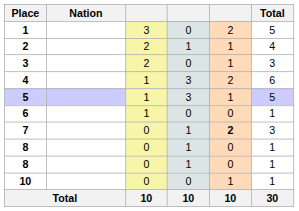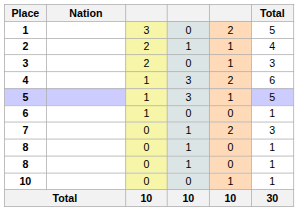 <table class=wikitable style="border:1px solid #AAAAAA;font-size:90%">
 <tr bgcolor="#EFEFEF">
 <th width=50>Place</th>
 <th width=100>Nation</th>
 <th width=50></th>
 <th width=50></th>
 <th width=50></th>
 <th width=50>Total</th>
 </tr>
 <tr align="center" valign="top" bgcolor="#FFFFFF">
 <td><strong>1</strong></td>
 <td align="left"></td>
 <td style="background:#F7F6A8;">3</td>
 <td style="background:#DCE5E5;">0</td>
 <td style="background:#FFDAB9;">2</td>
 <td>5</td>
 </tr>
 <tr align="center" valign="top" bgcolor="#FFFFFF">
 <td><strong>2</strong></td>
 <td align="left"></td>
 <td style="background:#F7F6A8;">2</td>
 <td style="background:#DCE5E5;">1</td>
 <td style="background:#FFDAB9;">1</td>
 <td>4</td>
 </tr>
 <tr align="center" valign="top" bgcolor="#FFFFFF">
 <td><strong>3</strong></td>
 <td align="left"></td>
 <td style="background:#F7F6A8;">2</td>
 <td style="background:#DCE5E5;">0</td>
 <td style="background:#FFDAB9;">1</td>
 <td>3</td>
 </tr>
 <tr align="center" valign="top" bgcolor="#FFFFFF">
 <td><strong>4</strong></td>
 <td align="left"></td>
 <td style="background:#F7F6A8;">1</td>
 <td style="background:#DCE5E5;">3</td>
 <td style="background:#FFDAB9;">2</td>
 <td>6</td>
 </tr>
 <tr align="center" valign="top" bgcolor="#CCCCFF">
 <td><strong>5</strong></td>
 <td align="left"></td>
 <td style="background:#F7F6A8;">1</td>
 <td style="background:#DCE5E5;">3</td>
 <td style="background:#FFDAB9;">1</td>
 <td>5</td>
 </tr>
 <tr align="center" valign="top" bgcolor="#FFFFFF">
 <td><strong>6</strong></td>
 <td align="left"></td>
 <td style="background:#F7F6A8;">1</td>
 <td style="background:#DCE5E5;">0</td>
 <td style="background:#FFDAB9;">0</td>
 <td>1</td>
 </tr>
 <tr align="center" valign="top" bgcolor="#FFFFFF">
 <td><strong>7</strong></td>
 <td align="left"></td>
 <td style="background:#F7F6A8;">0</td>
 <td style="background:#DCE5E5;">1</td>
-<td style="background:#FFDAB9;"><strong>2</strong></td>
+<td style="background:#FFDAB9;">2</td>
 <td>3</td>
 </tr>
 <tr align="center" valign="top" bgcolor="#FFFFFF">
 <td><strong>8</strong></td>
 <td align="left"></td>
 <td style="background:#F7F6A8;">0</td>
 <td style="background:#DCE5E5;">1</td>
 <td style="background:#FFDAB9;">0</td>
 <td>1</td>
 </tr>
 <tr align="center" valign="top" bgcolor="#FFFFFF">
 <td><strong>8</strong></td>
 <td align="left"></td>
 <td style="background:#F7F6A8;">0</td>
 <td style="background:#DCE5E5;">1</td>
 <td style="background:#FFDAB9;">0</td>
 <td>1</td>
 </tr>
 <tr align="center" valign="top" bgcolor="#FFFFFF">
 <td><strong>10</strong></td>
 <td align="left"></td>
 <td style="background:#F7F6A8;">0</td>
 <td style="background:#DCE5E5;">0</td>
 <td style="background:#FFDAB9;">1</td>
 <td>1</td>
 </tr>
 <tr>
 <th colspan=2>Total</th>
 <th>10</th>
 <th>10</th>
 <th>10</th>
 <th>30</th>
 </tr>
 </table>
